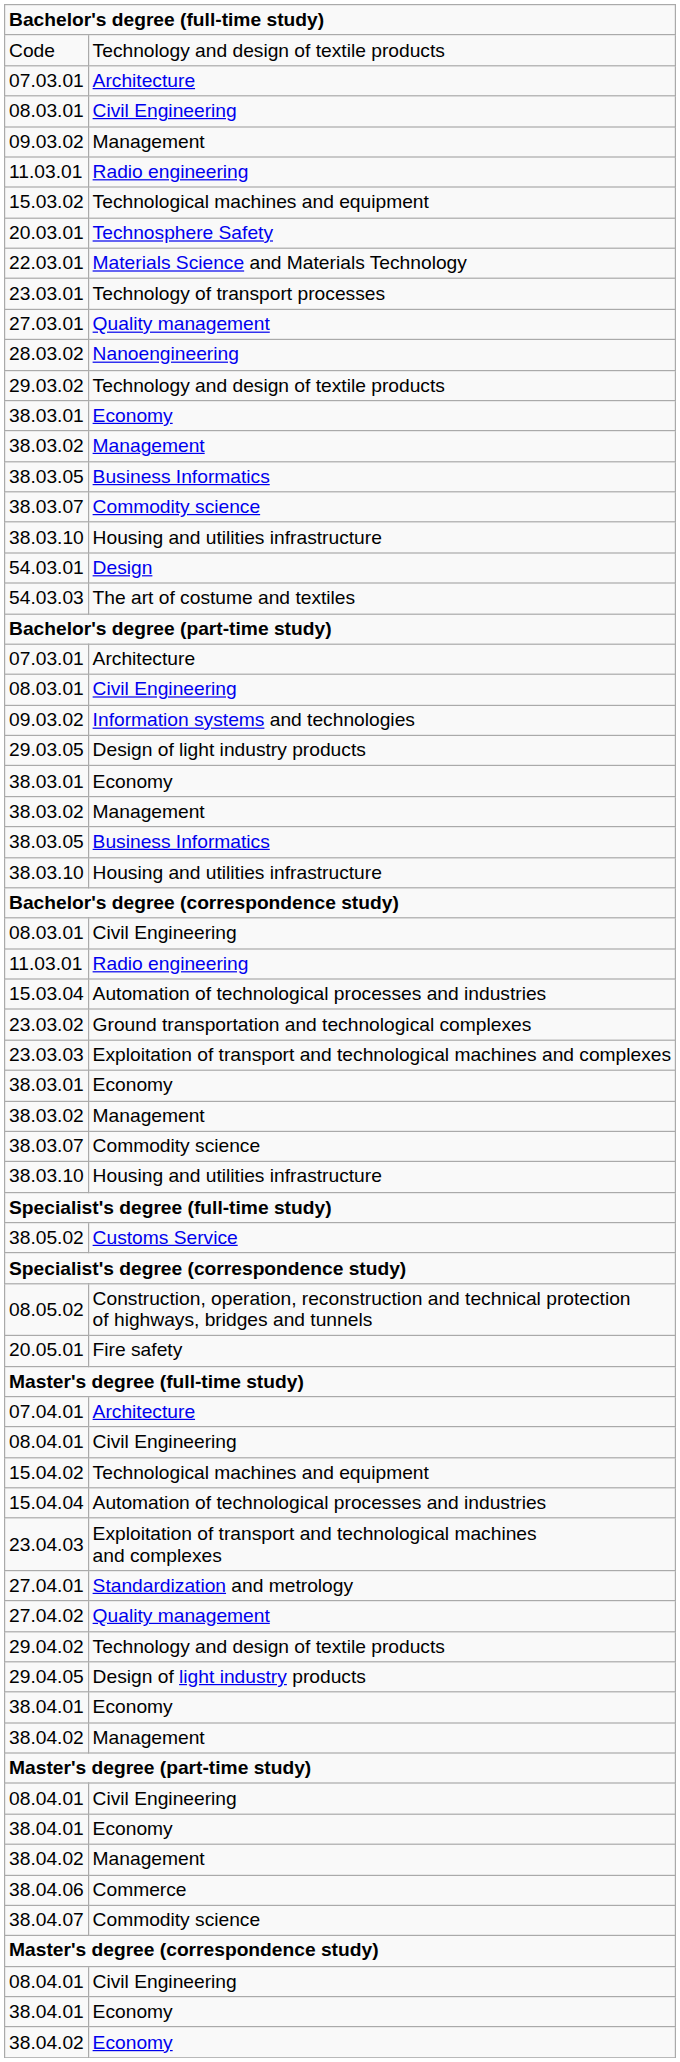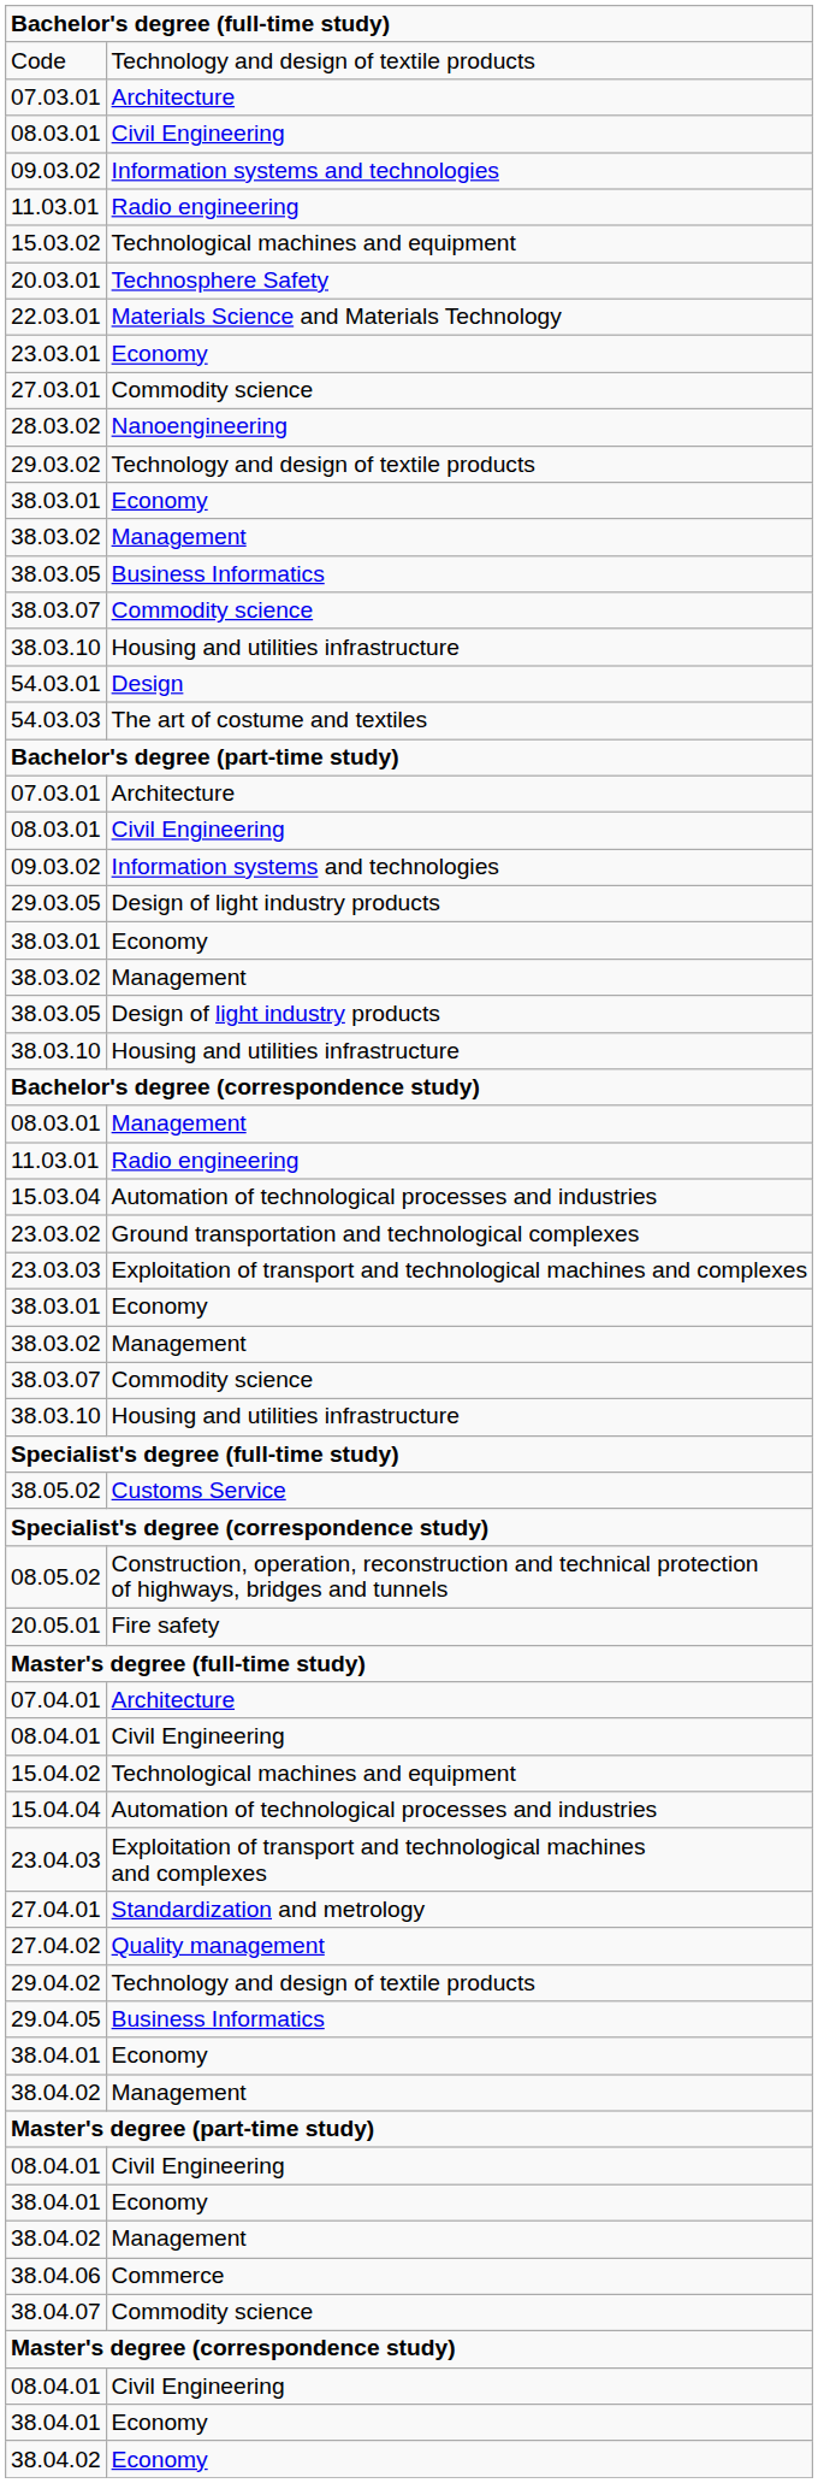 <table class="wikitable">
 <tr>
 <td colspan="2"><strong>Bachelor's degree (full-time study)</strong></td>
 </tr>
 <tr>
 <td>Code</td>
 <td>Technology and design  of textile products</td>
 </tr>
 <tr>
 <td>07.03.01</td>
 <td><a href='#'>Architecture</a></td>
 </tr>
 <tr>
 <td>08.03.01</td>
 <td><a href='#'>Civil Engineering</a></td>
 </tr>
 <tr>
 <td>09.03.02</td>
-<td>Management</td>
+<td><a href='#'>Information systems and technologies</a></td>
 </tr>
 <tr>
 <td>11.03.01</td>
 <td><a href='#'>Radio engineering</a></td>
 </tr>
 <tr>
 <td>15.03.02</td>
 <td>Technological machines and equipment</td>
 </tr>
 <tr>
 <td>20.03.01</td>
 <td><a href='#'>Technosphere Safety</a></td>
 </tr>
 <tr>
 <td>22.03.01</td>
 <td><a href='#'>Materials Science</a> and Materials Technology</td>
 </tr>
 <tr>
 <td>23.03.01</td>
-<td>Technology of transport processes</td>
+<td><a href='#'>Economy</a></td>
 </tr>
 <tr>
 <td>27.03.01</td>
-<td><a href='#'>Quality management</a></td>
+<td>Commodity science</td>
 </tr>
 <tr>
 <td>28.03.02</td>
 <td><a href='#'>Nanoengineering</a></td>
 </tr>
 <tr>
 <td>29.03.02</td>
 <td>Technology and design  of textile products</td>
 </tr>
 <tr>
 <td>38.03.01</td>
 <td><a href='#'>Economy</a></td>
 </tr>
 <tr>
 <td>38.03.02</td>
 <td><a href='#'>Management</a></td>
 </tr>
 <tr>
 <td>38.03.05</td>
 <td><a href='#'>Business Informatics</a></td>
 </tr>
 <tr>
 <td>38.03.07</td>
 <td><a href='#'>Commodity science</a></td>
 </tr>
 <tr>
 <td>38.03.10</td>
 <td>Housing and utilities infrastructure</td>
 </tr>
 <tr>
 <td>54.03.01</td>
 <td><a href='#'>Design</a></td>
 </tr>
 <tr>
 <td>54.03.03</td>
 <td>The art of costume and textiles</td>
 </tr>
 <tr>
 <td colspan="2"><strong>Bachelor's degree (part-time study)</strong></td>
 </tr>
 <tr>
 <td>07.03.01</td>
 <td>Architecture</td>
 </tr>
 <tr>
 <td>08.03.01</td>
 <td><a href='#'>Civil Engineering</a></td>
 </tr>
 <tr>
 <td>09.03.02</td>
 <td><a href='#'>Information systems</a> and technologies</td>
 </tr>
 <tr>
 <td>29.03.05</td>
 <td>Design of light industry products</td>
 </tr>
 <tr>
 <td>38.03.01</td>
 <td>Economy</td>
 </tr>
 <tr>
 <td>38.03.02</td>
 <td>Management</td>
 </tr>
 <tr>
 <td>38.03.05</td>
-<td><a href='#'>Business Informatics</a></td>
+<td>Design of <a href='#'>light industry</a> products</td>
 </tr>
 <tr>
 <td>38.03.10</td>
 <td>Housing and utilities infrastructure</td>
 </tr>
 <tr>
 <td colspan="2"><strong>Bachelor's degree (correspondence study)</strong></td>
 </tr>
 <tr>
 <td>08.03.01</td>
-<td>Civil Engineering</td>
+<td><a href='#'>Management</a></td>
 </tr>
 <tr>
 <td>11.03.01</td>
 <td><a href='#'>Radio engineering</a></td>
 </tr>
 <tr>
 <td>15.03.04</td>
 <td>Automation of technological processes and industries</td>
 </tr>
 <tr>
 <td>23.03.02</td>
 <td>Ground transportation and technological complexes</td>
 </tr>
 <tr>
 <td>23.03.03</td>
 <td>Exploitation of transport and technological machines and complexes</td>
 </tr>
 <tr>
 <td>38.03.01</td>
 <td>Economy</td>
 </tr>
 <tr>
 <td>38.03.02</td>
 <td>Management</td>
 </tr>
 <tr>
 <td>38.03.07</td>
 <td>Commodity science</td>
 </tr>
 <tr>
 <td>38.03.10</td>
 <td>Housing and utilities infrastructure</td>
 </tr>
 <tr>
 <td colspan="2"><strong>Specialist's degree (full-time study)</strong></td>
 </tr>
 <tr>
 <td>38.05.02</td>
 <td><a href='#'>Customs Service</a></td>
 </tr>
 <tr>
 <td colspan="2"><strong>Specialist's degree (correspondence study)</strong></td>
 </tr>
 <tr>
 <td>08.05.02</td>
 <td>Construction,  operation, reconstruction  and technical protection<br>of  highways, bridges and tunnels</td>
 </tr>
 <tr>
 <td>20.05.01</td>
 <td>Fire safety</td>
 </tr>
 <tr>
 <td colspan="2"><strong>Master's degree (full-time study)</strong></td>
 </tr>
 <tr>
 <td>07.04.01</td>
 <td><a href='#'>Architecture</a></td>
 </tr>
 <tr>
 <td>08.04.01</td>
 <td>Civil Engineering</td>
 </tr>
 <tr>
 <td>15.04.02</td>
 <td>Technological machines and equipment</td>
 </tr>
 <tr>
 <td>15.04.04</td>
 <td>Automation of technological processes and industries</td>
 </tr>
 <tr>
 <td>23.04.03</td>
 <td>Exploitation of transport and technological machines<br>and complexes</td>
 </tr>
 <tr>
 <td>27.04.01</td>
 <td><a href='#'>Standardization</a> and metrology</td>
 </tr>
 <tr>
 <td>27.04.02</td>
 <td><a href='#'>Quality management</a></td>
 </tr>
 <tr>
 <td>29.04.02</td>
 <td>Technology and design  of textile products</td>
 </tr>
 <tr>
 <td>29.04.05</td>
-<td>Design of <a href='#'>light industry</a> products</td>
+<td><a href='#'>Business Informatics</a></td>
 </tr>
 <tr>
 <td>38.04.01</td>
 <td>Economy</td>
 </tr>
 <tr>
 <td>38.04.02</td>
 <td>Management</td>
 </tr>
 <tr>
 <td colspan="2"><strong>Master's degree (part-time study)</strong></td>
 </tr>
 <tr>
 <td>08.04.01</td>
 <td>Civil Engineering</td>
 </tr>
 <tr>
 <td>38.04.01</td>
 <td>Economy</td>
 </tr>
 <tr>
 <td>38.04.02</td>
 <td>Management</td>
 </tr>
 <tr>
 <td>38.04.06</td>
 <td>Commerce</td>
 </tr>
 <tr>
 <td>38.04.07</td>
 <td>Commodity science</td>
 </tr>
 <tr>
 <td colspan="2"><strong>Master's degree</strong> <strong>(correspondence study)</strong></td>
 </tr>
 <tr>
 <td>08.04.01</td>
 <td>Civil Engineering</td>
 </tr>
 <tr>
 <td>38.04.01</td>
 <td>Economy</td>
 </tr>
 <tr>
 <td>38.04.02</td>
 <td><a href='#'>Economy</a></td>
 </tr>
 </table>
